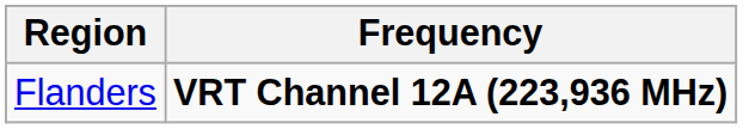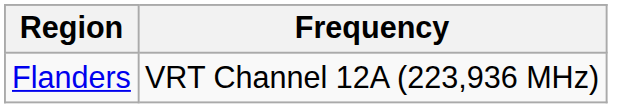 <table class="wikitable">
 <tr>
 <th>Region</th>
 <th>Frequency</th>
 </tr>
 <tr>
 <td> <a href='#'>Flanders</a></td>
-<td><strong>VRT Channel 12A (223,936 MHz)</strong></td>
+<td>VRT Channel 12A (223,936 MHz)</td>
 </tr>
 </table>
